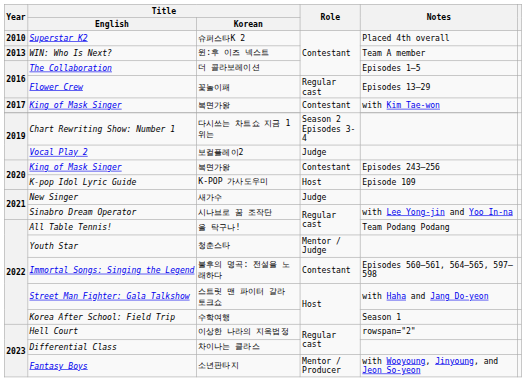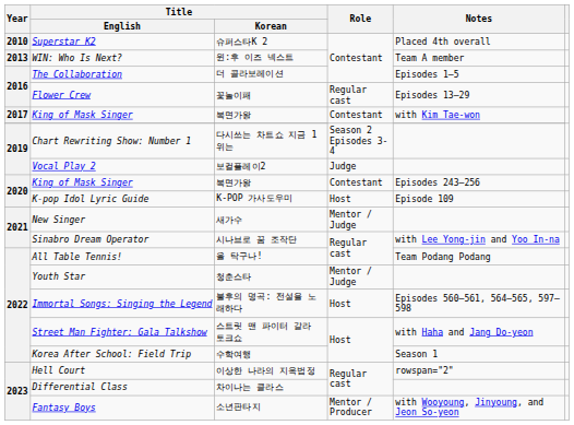 <table class="wikitable sortable plainrowheaders">
 <tr>
 <th scope="col" rowspan="2">Year</th>
 <th scope="col" colspan="2">Title</th>
 <th scope="col" rowspan="2" style="width:7em;">Role</th>
 <th scope="col" rowspan="2" style="width:19em;">Notes</th>
 <th scope="col" rowspan="2" class="unsortable"></th>
 </tr>
 <tr>
 <th scope="col">English</th>
 <th scope="col" style="width:12.4em;">Korean</th>
 </tr>
 <tr>
 <th scope="row">2010</th>
 <td><em><a href='#'>Superstar K2</a></em></td>
 <td>슈퍼스타K 2</td>
 <td rowspan="3">Contestant</td>
 <td>Placed 4th overall</td>
 <td style="text-align:center"></td>
 </tr>
 <tr>
 <th scope="row">2013</th>
 <td><em>WIN: Who Is Next?</em></td>
 <td>윈:후 이즈 넥스트</td>
 <td>Team A member</td>
 <td style="text-align:center"></td>
 </tr>
 <tr>
 <th scope="row" rowspan=2>2016</th>
 <td><em><a href='#'>The Collaboration</a></em></td>
 <td>더 콜라보레이션</td>
 <td>Episodes 1–5</td>
 <td style="text-align:center"></td>
 </tr>
 <tr>
 <td><em><a href='#'>Flower Crew</a></em></td>
 <td>꽃놀이패</td>
 <td>Regular cast</td>
 <td>Episodes 13–29</td>
 <td style="text-align:center"></td>
 </tr>
 <tr>
 <th scope="row">2017</th>
 <td><em><a href='#'>King of Mask Singer</a></em></td>
 <td>복면가왕</td>
 <td rowspan=2>Contestant</td>
 <td>with <a href='#'>Kim Tae-won</a></td>
 <td style="text-align:center"></td>
 </tr>
 <tr>
 </tr>
 <tr>
 <th scope="row" rowspan=2>2019</th>
 <td><em>Chart Rewriting Show: Number 1</em></td>
 <td>다시쓰는 차트쇼 지금 1위는</td>
 <td>Season 2 Episodes 3-4</td>
 <td style="text-align:center"></td>
 </tr>
 <tr>
 <td><em><a href='#'>Vocal Play 2</a></em></td>
 <td>보컬플레이2</td>
 <td>Judge</td>
 <td></td>
 <td style="text-align:center"></td>
 </tr>
 <tr>
 <th scope="row" rowspan="2">2020</th>
 <td><em><a href='#'>King of Mask Singer</a></em></td>
 <td>복면가왕</td>
 <td>Contestant</td>
 <td>Episodes 243–256</td>
 <td style="text-align:center"></td>
 </tr>
 <tr>
 <td><em>K-pop Idol Lyric Guide</em></td>
 <td>K-POP 가사도우미</td>
 <td>Host</td>
 <td>Episode 109</td>
 <td style="text-align:center"></td>
 </tr>
 <tr>
 <th scope="row" rowspan="2">2021</th>
 <td><em>New Singer</em></td>
 <td>새가수</td>
-<td>Judge</td>
+<td>Mentor / Judge</td>
 <td></td>
 <td style="text-align:center"></td>
 </tr>
 <tr>
 <td><em>Sinabro Dream Operator</em></td>
 <td>시나브로 꿈 조작단</td>
 <td rowspan=2>Regular cast</td>
 <td>with <a href='#'>Lee Yong-jin</a> and <a href='#'>Yoo In-na</a></td>
 <td style="text-align:center"></td>
 </tr>
 <tr>
 <th scope="row" rowspan="5">2022</th>
 <td><em>All Table Tennis!</em></td>
 <td>올 탁구나!</td>
 <td>Team Podang Podang</td>
 <td style="text-align:center"></td>
 </tr>
 <tr>
 <td><em>Youth Star</em></td>
 <td>청춘스타</td>
 <td>Mentor / Judge</td>
 <td></td>
 <td style="text-align:center"></td>
 </tr>
 <tr>
 <td><em><a href='#'>Immortal Songs: Singing the Legend</a></em></td>
 <td>불후의 명곡: 전설을 노래하다</td>
-<td>Contestant</td>
+<td>Host</td>
 <td>Episodes 560–561, 564–565, 597–598</td>
 <td style="text-align:center"></td>
 </tr>
 <tr>
 <td><em><a href='#'>Street Man Fighter: Gala Talkshow</a></em></td>
 <td>스트릿 맨 파이터 갈라 토크쇼</td>
 <td rowspan="2">Host</td>
 <td>with <a href='#'>Haha</a> and <a href='#'>Jang Do-yeon</a></td>
 <td style="text-align:center"></td>
 </tr>
 <tr>
 <td><em>Korea After School: Field Trip</em></td>
 <td>수학여행</td>
 <td>Season 1</td>
 <td style="text-align:center"></td>
 </tr>
 <tr>
 <th scope="row" rowspan="3">2023</th>
 <td><em>Hell Court</em></td>
 <td>이상한 나라의 지옥법정</td>
 <td rowspan="2">Regular cast</td>
 <td>rowspan="2" </td>
 <td style="text-align:center"></td>
 </tr>
 <tr>
 <td><em>Differential Class</em></td>
 <td>차이나는 클라스</td>
 <td style="text-align:center"></td>
 </tr>
 <tr>
 <td><em><a href='#'>Fantasy Boys</a></em></td>
 <td>소년판타지</td>
 <td>Mentor / Producer</td>
 <td>with <a href='#'>Wooyoung</a>, <a href='#'>Jinyoung</a>, and <a href='#'>Jeon So-yeon</a></td>
 <td style="text-align:center"></td>
 </tr>
 </table>
